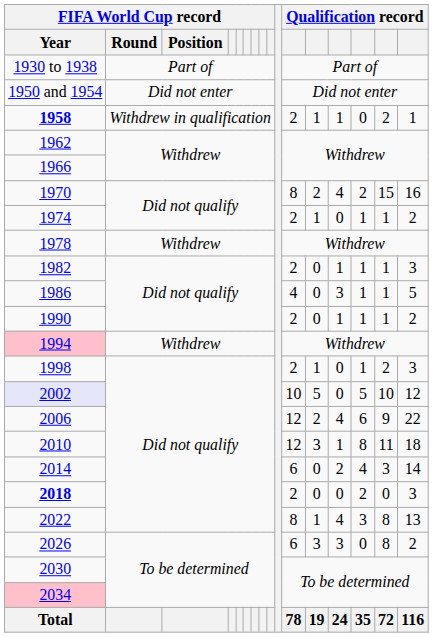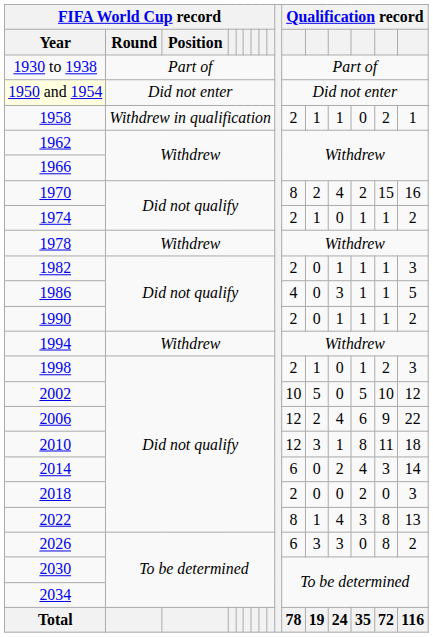 <table class="wikitable" style="text-align: center;">
 <tr>
 <th colspan=9><a href='#'>FIFA World Cup</a> record</th>
 <th rowspan=37></th>
 <th colspan=9><a href='#'>Qualification</a> record</th>
 </tr>
 <tr>
 <th>Year</th>
 <th>Round</th>
 <th>Position</th>
 <th></th>
 <th></th>
 <th></th>
 <th></th>
 <th></th>
 <th></th>
 <th></th>
 <th></th>
 <th></th>
 <th></th>
 <th></th>
 <th></th>
 </tr>
 <tr>
 <td><a href='#'>1930</a> to <a href='#'>1938</a></td>
 <td colspan=8><em>Part of </em></td>
 <td colspan=6><em>Part of </em></td>
 </tr>
 <tr>
-<td><a href='#'>1950</a> and <a href='#'>1954</a></td>
+<td style="background: lightyellow;"><a href='#'>1950</a> and <a href='#'>1954</a></td>
 <td colspan=8><em>Did not enter</em></td>
 <td colspan=6><em>Did not enter</em></td>
 </tr>
 <tr>
-<td><strong> <a href='#'>1958</a></strong></td>
+<td> <a href='#'>1958</a></td>
 <td colspan=8><em>Withdrew in qualification</em></td>
 <td>2</td>
 <td>1</td>
 <td>1</td>
 <td>0</td>
 <td>2</td>
 <td>1</td>
 </tr>
 <tr>
 <td> <a href='#'>1962</a></td>
 <td rowspan=2 colspan=8><em>Withdrew</em></td>
 <td rowspan=2 colspan=6><em>Withdrew</em></td>
 </tr>
 <tr>
 <td> <a href='#'>1966</a></td>
 </tr>
 <tr>
 <td> <a href='#'>1970</a></td>
 <td rowspan=2 colspan=8><em>Did not qualify</em></td>
 <td>8</td>
 <td>2</td>
 <td>4</td>
 <td>2</td>
 <td>15</td>
 <td>16</td>
 </tr>
 <tr>
 <td> <a href='#'>1974</a></td>
 <td>2</td>
 <td>1</td>
 <td>0</td>
 <td>1</td>
 <td>1</td>
 <td>2</td>
 </tr>
 <tr>
 <td> <a href='#'>1978</a></td>
 <td colspan=8><em>Withdrew</em></td>
 <td colspan=6><em>Withdrew</em></td>
 </tr>
 <tr>
 <td> <a href='#'>1982</a></td>
 <td rowspan=3 colspan=8><em>Did not qualify</em></td>
 <td>2</td>
 <td>0</td>
 <td>1</td>
 <td>1</td>
 <td>1</td>
 <td>3</td>
 </tr>
 <tr>
 <td> <a href='#'>1986</a></td>
 <td>4</td>
 <td>0</td>
 <td>3</td>
 <td>1</td>
 <td>1</td>
 <td>5</td>
 </tr>
 <tr>
 <td> <a href='#'>1990</a></td>
 <td>2</td>
 <td>0</td>
 <td>1</td>
 <td>1</td>
 <td>1</td>
 <td>2</td>
 </tr>
 <tr>
-<td style="background: pink;"> <a href='#'>1994</a></td>
+<td> <a href='#'>1994</a></td>
 <td colspan=8><em>Withdrew</em></td>
 <td colspan=6><em>Withdrew</em></td>
 </tr>
 <tr>
 <td> <a href='#'>1998</a></td>
 <td rowspan=7 colspan=8><em>Did not qualify</em></td>
 <td>2</td>
 <td>1</td>
 <td>0</td>
 <td>1</td>
 <td>2</td>
 <td>3</td>
 </tr>
 <tr>
-<td style="background: lavender;">  <a href='#'>2002</a></td>
+<td>  <a href='#'>2002</a></td>
 <td>10</td>
 <td>5</td>
 <td>0</td>
 <td>5</td>
 <td>10</td>
 <td>12</td>
 </tr>
 <tr>
 <td> <a href='#'>2006</a></td>
 <td>12</td>
 <td>2</td>
 <td>4</td>
 <td>6</td>
 <td>9</td>
 <td>22</td>
 </tr>
 <tr>
 <td> <a href='#'>2010</a></td>
 <td>12</td>
 <td>3</td>
 <td>1</td>
 <td>8</td>
 <td>11</td>
 <td>18</td>
 </tr>
 <tr>
 <td> <a href='#'>2014</a></td>
 <td>6</td>
 <td>0</td>
 <td>2</td>
 <td>4</td>
 <td>3</td>
 <td>14</td>
 </tr>
 <tr>
-<td><strong> <a href='#'>2018</a></strong></td>
+<td> <a href='#'>2018</a></td>
 <td>2</td>
 <td>0</td>
 <td>0</td>
 <td>2</td>
 <td>0</td>
 <td>3</td>
 </tr>
 <tr>
 <td> <a href='#'>2022</a></td>
 <td>8</td>
 <td>1</td>
 <td>4</td>
 <td>3</td>
 <td>8</td>
 <td>13</td>
 </tr>
 <tr>
 <td>   <a href='#'>2026</a></td>
 <td rowspan=3 colspan=9><em>To be determined</em></td>
 <td>6</td>
 <td>3</td>
 <td>3</td>
 <td>0</td>
 <td>8</td>
 <td>2</td>
 </tr>
 <tr>
 <td>   <a href='#'>2030</a></td>
 <td rowspan=2 colspan=9><em>To be determined</em></td>
 </tr>
 <tr>
-<td style="background: pink;"> <a href='#'>2034</a></td>
+<td> <a href='#'>2034</a></td>
 </tr>
 <tr>
 <th>Total</th>
 <th></th>
 <th></th>
 <th></th>
 <th></th>
 <th></th>
 <th></th>
 <th></th>
 <th></th>
 <th>78</th>
 <th>19</th>
 <th>24</th>
 <th>35</th>
 <th>72</th>
 <th>116</th>
 </tr>
 </table>
